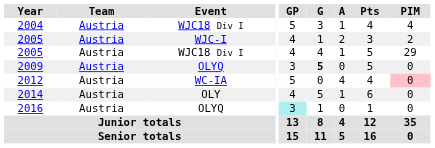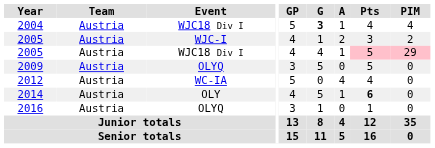 <table border="0" cellpadding="1" cellspacing="0" ID="Table3" style="text-align:center; width:40em">
 <tr bgcolor="#e0e0e0">
 <th>Year</th>
 <th>Team</th>
 <th>Event</th>
 <th rowspan="102" bgcolor="#ffffff"></th>
 <th>GP</th>
 <th>G</th>
 <th>A</th>
 <th>Pts</th>
 <th>PIM</th>
 </tr>
 <tr>
 <td><a href='#'>2004</a></td>
 <td><a href='#'>Austria</a></td>
 <td><a href='#'>WJC18</a> <small>Div I</small></td>
 <td>5</td>
-<td>3</td>
+<td><strong>3</strong></td>
 <td>1</td>
 <td>4</td>
 <td>4</td>
 </tr>
 <tr bgcolor="#f0f0f0">
 <td><a href='#'>2005</a></td>
 <td><a href='#'>Austria</a></td>
 <td><a href='#'>WJC-I</a></td>
 <td>4</td>
 <td>1</td>
 <td>2</td>
 <td>3</td>
 <td>2</td>
 </tr>
 <tr>
 <td><a href='#'>2005</a></td>
 <td>Austria</td>
 <td>WJC18 <small>Div I</small></td>
 <td>4</td>
 <td>4</td>
 <td>1</td>
-<td>5</td>
-<td>29</td>
+<td style="background: pink;">5</td>
+<td style="background: pink;">29</td>
 </tr>
 <tr bgcolor="#f0f0f0">
 <td><a href='#'>2009</a></td>
 <td><a href='#'>Austria</a></td>
 <td><a href='#'>OLYQ</a></td>
 <td>3</td>
-<td><strong>5</strong></td>
+<td>5</td>
 <td>0</td>
 <td>5</td>
 <td>0</td>
 </tr>
 <tr>
 <td><a href='#'>2012</a></td>
 <td>Austria</td>
 <td><a href='#'>WC-IA</a></td>
 <td>5</td>
 <td>0</td>
 <td>4</td>
 <td>4</td>
-<td style="background: pink;">0</td>
+<td>0</td>
 </tr>
 <tr bgcolor="#f0f0f0">
 <td><a href='#'>2014</a></td>
 <td>Austria</td>
 <td>OLY</td>
 <td>4</td>
 <td>5</td>
 <td>1</td>
-<td>6</td>
+<td><strong>6</strong></td>
 <td>0</td>
 </tr>
 <tr>
 <td><a href='#'>2016</a></td>
 <td>Austria</td>
 <td>OLYQ</td>
-<td style="background: paleturquoise;">3</td>
+<td>3</td>
 <td>1</td>
 <td>0</td>
 <td>1</td>
 <td>0</td>
 </tr>
 <tr bgcolor="#e0e0e0">
 <th colspan=3>Junior totals</th>
 <th>13</th>
 <th>8</th>
 <th>4</th>
 <th>12</th>
 <th>35</th>
 </tr>
 <tr bgcolor="#e0e0e0">
 <th colspan=3>Senior totals</th>
 <th>15</th>
 <th>11</th>
 <th>5</th>
 <th>16</th>
 <th>0</th>
 </tr>
 </table>
